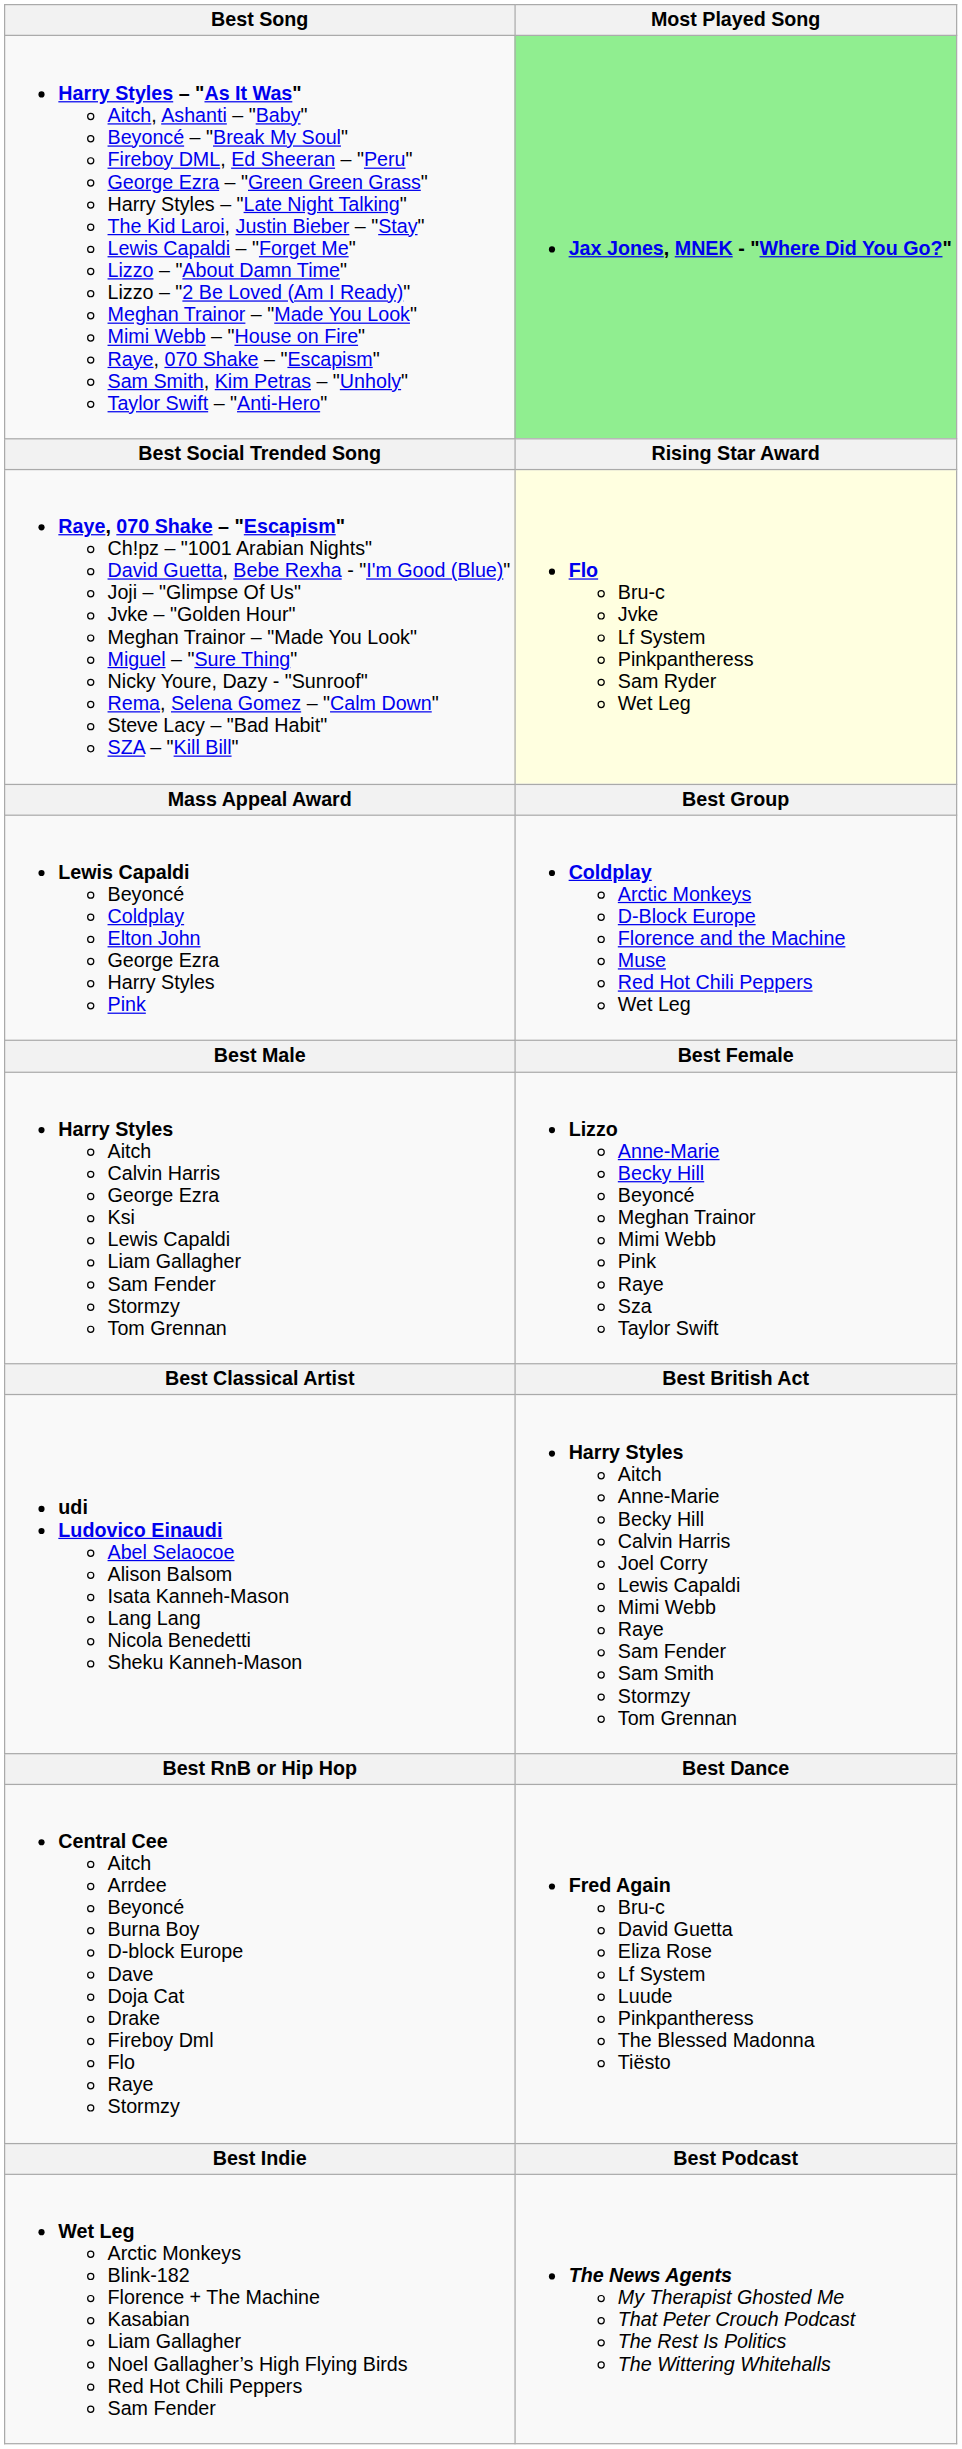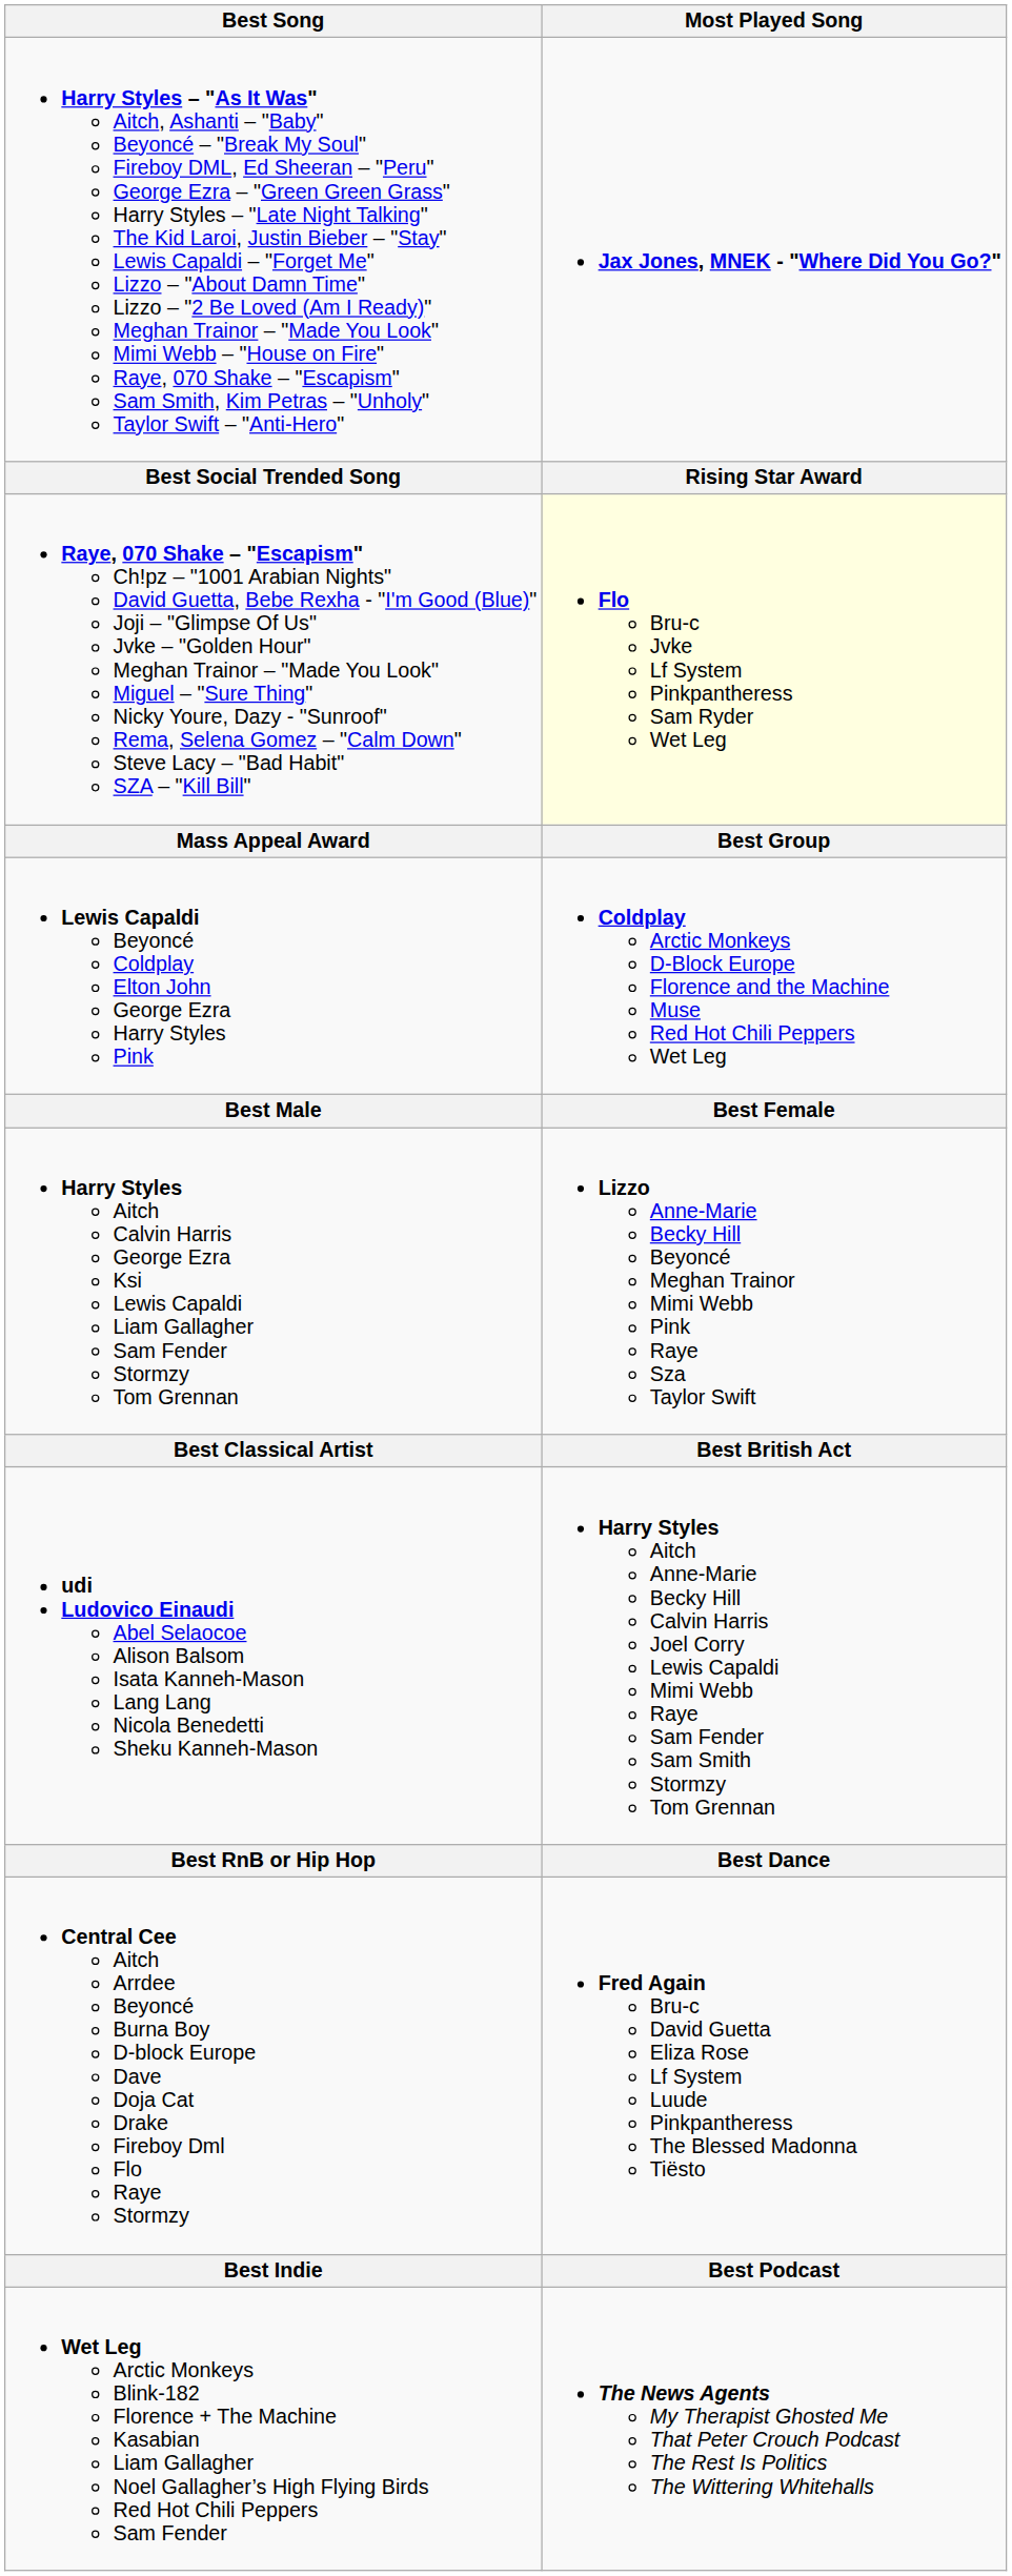 <table class="wikitable">
 <tr>
 <th>Best Song</th>
 <th>Most Played Song</th>
 </tr>
 <tr>
 <td><br><ul><li><strong><a href='#'>Harry Styles</a></strong> <strong>– "<a href='#'>As It Was</a>"</strong><ul><li><a href='#'>Aitch</a>, <a href='#'>Ashanti</a> – "<a href='#'>Baby</a>"</li><li><a href='#'>Beyoncé</a> – "<a href='#'>Break My Soul</a>"</li><li><a href='#'>Fireboy DML</a>, <a href='#'>Ed Sheeran</a> – "<a href='#'>Peru</a>"</li><li><a href='#'>George Ezra</a> – "<a href='#'>Green Green Grass</a>"</li><li>Harry Styles – "<a href='#'>Late Night Talking</a>"</li><li><a href='#'>The Kid Laroi</a>, <a href='#'>Justin Bieber</a> – "<a href='#'>Stay</a>"</li><li><a href='#'>Lewis Capaldi</a> – "<a href='#'>Forget Me</a>"</li><li><a href='#'>Lizzo</a> – "<a href='#'>About Damn Time</a>"</li><li>Lizzo – "<a href='#'>2 Be Loved (Am I Ready)</a>"</li><li><a href='#'>Meghan Trainor</a> – "<a href='#'>Made You Look</a>"</li><li><a href='#'>Mimi Webb</a> – "<a href='#'>House on Fire</a>"</li><li><a href='#'>Raye</a>, <a href='#'>070 Shake</a> – "<a href='#'>Escapism</a>"</li><li><a href='#'>Sam Smith</a>, <a href='#'>Kim Petras</a> – "<a href='#'>Unholy</a>"</li><li><a href='#'>Taylor Swift</a> – "<a href='#'>Anti-Hero</a>"</li></ul></li></ul></td>
-<td style="background: lightgreen;"><br><ul><li><strong><a href='#'>Jax Jones</a>, <a href='#'>MNEK</a> - "<a href='#'>Where Did You Go?</a>"</strong></li></ul></td>
+<td><br><ul><li><strong><a href='#'>Jax Jones</a>, <a href='#'>MNEK</a> - "<a href='#'>Where Did You Go?</a>"</strong></li></ul></td>
 </tr>
 <tr>
 <th><strong>Best Social Trended Song</strong></th>
 <th>Rising Star Award</th>
 </tr>
 <tr>
 <td><br><ul><li><strong><a href='#'>Raye</a>, <a href='#'>070 Shake</a> – "<a href='#'>Escapism</a>"</strong><ul><li>Ch!pz – "1001 Arabian Nights"</li><li><a href='#'>David Guetta</a>, <a href='#'>Bebe Rexha</a> - "<a href='#'>I'm Good (Blue)</a>"</li><li>Joji – "Glimpse Of Us"</li><li>Jvke – "Golden Hour"</li><li>Meghan Trainor – "Made You Look"</li><li><a href='#'>Miguel</a> – "<a href='#'>Sure Thing</a>"</li><li>Nicky Youre, Dazy - "Sunroof"</li><li><a href='#'>Rema</a>, <a href='#'>Selena Gomez</a> – "<a href='#'>Calm Down</a>"</li><li>Steve Lacy – "Bad Habit"</li><li><a href='#'>SZA</a> – "<a href='#'>Kill Bill</a>"</li></ul></li></ul></td>
 <td style="background: lightyellow;"><br><ul><li><a href='#'><strong>Flo</strong></a><ul><li>Bru-c</li><li>Jvke</li><li>Lf System</li><li>Pinkpantheress</li><li>Sam Ryder</li><li>Wet Leg</li></ul></li></ul></td>
 </tr>
 <tr>
 <th>Mass Appeal Award</th>
 <th>Best Group</th>
 </tr>
 <tr>
 <td><br><ul><li><strong>Lewis Capaldi</strong><ul><li>Beyoncé</li><li><a href='#'>Coldplay</a></li><li><a href='#'>Elton John</a></li><li>George Ezra</li><li>Harry Styles</li><li><a href='#'>Pink</a></li></ul></li></ul></td>
 <td><br><ul><li><strong><a href='#'>Coldplay</a></strong><ul><li><a href='#'>Arctic Monkeys</a></li><li><a href='#'>D-Block Europe</a></li><li><a href='#'>Florence and the Machine</a></li><li><a href='#'>Muse</a></li><li><a href='#'>Red Hot Chili Peppers</a></li><li>Wet Leg</li></ul></li></ul></td>
 </tr>
 <tr>
 <th>Best Male</th>
 <th>Best Female</th>
 </tr>
 <tr>
 <td><br><ul><li><strong>Harry Styles</strong><ul><li>Aitch</li><li>Calvin Harris</li><li>George Ezra</li><li>Ksi</li><li>Lewis Capaldi</li><li>Liam Gallagher</li><li>Sam Fender</li><li>Stormzy</li><li>Tom Grennan</li></ul></li></ul></td>
 <td><br><ul><li><strong>Lizzo</strong><ul><li><a href='#'>Anne-Marie</a></li><li><a href='#'>Becky Hill</a></li><li>Beyoncé</li><li>Meghan Trainor</li><li>Mimi Webb</li><li>Pink</li><li>Raye</li><li>Sza</li><li>Taylor Swift</li></ul></li></ul></td>
 </tr>
 <tr>
 <th>Best Classical Artist</th>
 <th>Best British Act</th>
 </tr>
 <tr>
 <td><br><ul><li><strong>udi</strong></li><li><strong><a href='#'>Ludovico Einaudi</a></strong><ul><li><a href='#'>Abel Selaocoe</a></li><li>Alison Balsom</li><li>Isata Kanneh-Mason</li><li>Lang Lang</li><li>Nicola Benedetti</li><li>Sheku Kanneh-Mason</li></ul></li></ul></td>
 <td><br><ul><li><strong>Harry Styles</strong><ul><li>Aitch</li><li>Anne-Marie</li><li>Becky Hill</li><li>Calvin Harris</li><li>Joel Corry</li><li>Lewis Capaldi</li><li>Mimi Webb</li><li>Raye</li><li>Sam Fender</li><li>Sam Smith</li><li>Stormzy</li><li>Tom Grennan</li></ul></li></ul></td>
 </tr>
 <tr>
 <th>Best RnB or Hip Hop</th>
 <th>Best Dance</th>
 </tr>
 <tr>
 <td><br><ul><li><strong>Central Cee</strong><ul><li>Aitch</li><li>Arrdee</li><li>Beyoncé</li><li>Burna Boy</li><li>D-block Europe</li><li>Dave</li><li>Doja Cat</li><li>Drake</li><li>Fireboy Dml</li><li>Flo</li><li>Raye</li><li>Stormzy</li></ul></li></ul></td>
 <td><br><ul><li><strong>Fred Again</strong><ul><li>Bru-c</li><li>David Guetta</li><li>Eliza Rose</li><li>Lf System</li><li>Luude</li><li>Pinkpantheress</li><li>The Blessed Madonna</li><li>Tiësto</li></ul></li></ul></td>
 </tr>
 <tr>
 <th>Best Indie</th>
 <th>Best Podcast</th>
 </tr>
 <tr>
 <td><br><ul><li><strong>Wet Leg</strong><ul><li>Arctic Monkeys</li><li>Blink-182</li><li>Florence + The Machine</li><li>Kasabian</li><li>Liam Gallagher</li><li>Noel Gallagher’s High Flying Birds</li><li>Red Hot Chili Peppers</li><li>Sam Fender</li></ul></li></ul></td>
 <td><br><ul><li><strong><em>The News Agents</em></strong><ul><li><em>My Therapist Ghosted Me</em></li><li><em>That Peter Crouch Podcast</em></li><li><em>The Rest Is Politics</em></li><li><em>The Wittering Whitehalls</em></li></ul></li></ul></td>
 </tr>
 </table>
